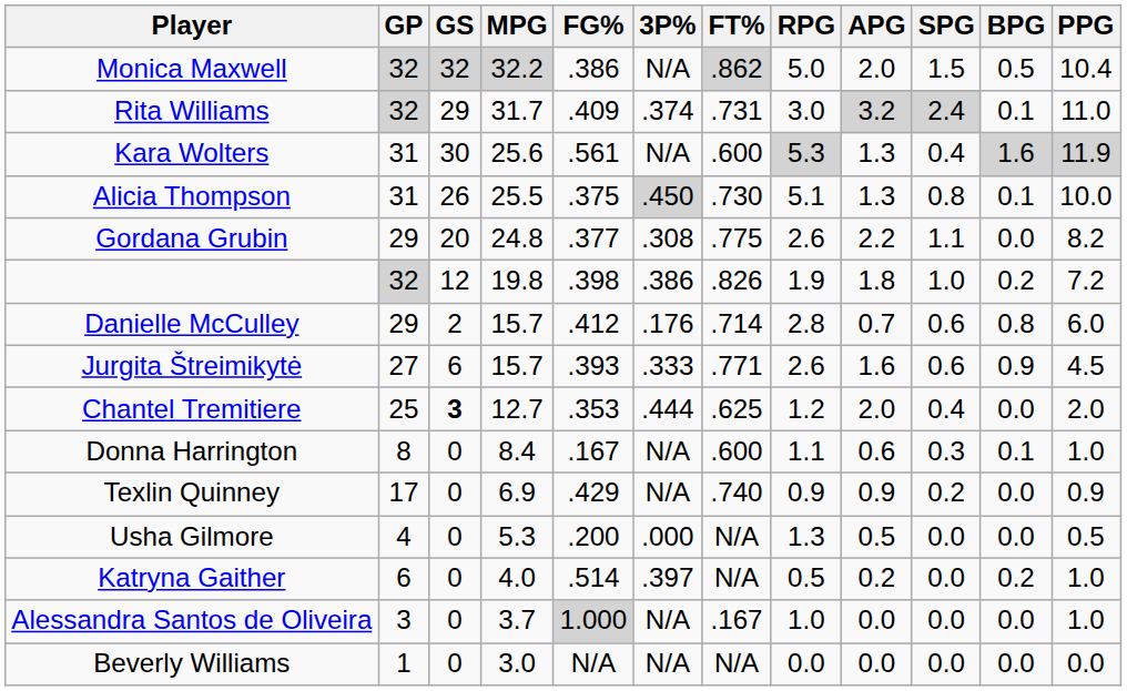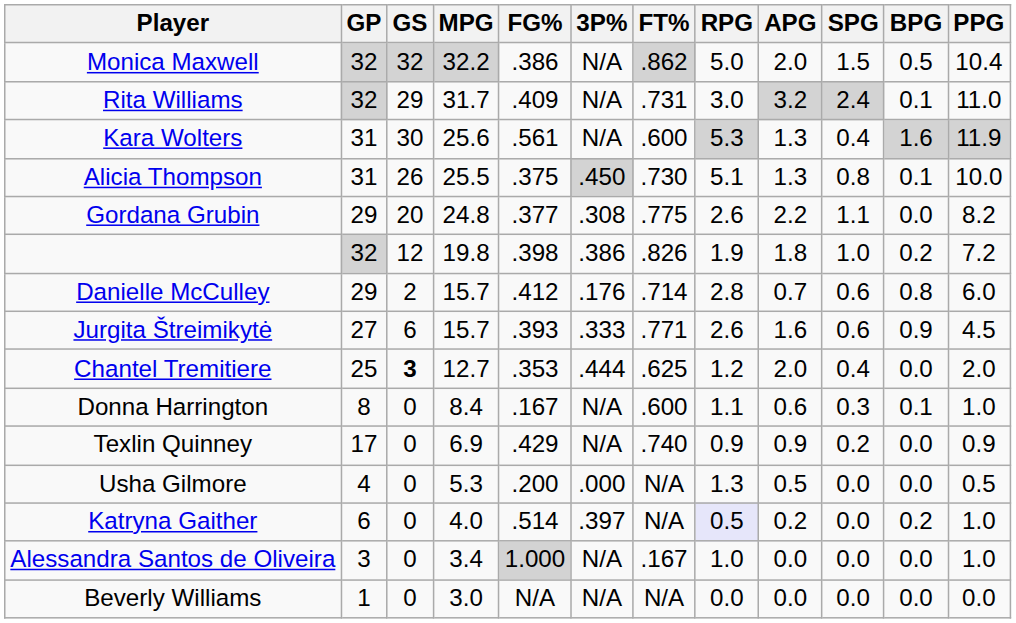 <table class="wikitable sortable" style="text-align:center;">
 <tr>
 <th>Player</th>
 <th>GP</th>
 <th>GS</th>
 <th>MPG</th>
 <th>FG%</th>
 <th>3P%</th>
 <th>FT%</th>
 <th>RPG</th>
 <th>APG</th>
 <th>SPG</th>
 <th>BPG</th>
 <th>PPG</th>
 </tr>
 <tr>
 <td><a href='#'>Monica Maxwell</a></td>
 <td style="background:#D3D3D3;">32</td>
 <td style="background:#D3D3D3;">32</td>
 <td style="background:#D3D3D3;">32.2</td>
 <td>.386</td>
 <td>N/A</td>
 <td style="background:#D3D3D3;">.862</td>
 <td>5.0</td>
 <td>2.0</td>
 <td>1.5</td>
 <td>0.5</td>
 <td>10.4</td>
 </tr>
 <tr>
 <td><a href='#'>Rita Williams</a></td>
 <td style="background:#D3D3D3;">32</td>
 <td>29</td>
 <td>31.7</td>
 <td>.409</td>
-<td>.374</td>
+<td>N/A</td>
 <td>.731</td>
 <td>3.0</td>
 <td style="background:#D3D3D3;">3.2</td>
 <td style="background:#D3D3D3;">2.4</td>
 <td>0.1</td>
 <td>11.0</td>
 </tr>
 <tr>
 <td><a href='#'>Kara Wolters</a></td>
 <td>31</td>
 <td>30</td>
 <td>25.6</td>
 <td>.561</td>
 <td>N/A</td>
 <td>.600</td>
 <td style="background:#D3D3D3;">5.3</td>
 <td>1.3</td>
 <td>0.4</td>
 <td style="background:#D3D3D3;">1.6</td>
 <td style="background:#D3D3D3;">11.9</td>
 </tr>
 <tr>
 <td><a href='#'>Alicia Thompson</a></td>
 <td>31</td>
 <td>26</td>
 <td>25.5</td>
 <td>.375</td>
 <td style="background:#D3D3D3;">.450</td>
 <td>.730</td>
 <td>5.1</td>
 <td>1.3</td>
 <td>0.8</td>
 <td>0.1</td>
 <td>10.0</td>
 </tr>
 <tr>
 <td><a href='#'>Gordana Grubin</a></td>
 <td>29</td>
 <td>20</td>
 <td>24.8</td>
 <td>.377</td>
 <td>.308</td>
 <td>.775</td>
 <td>2.6</td>
 <td>2.2</td>
 <td>1.1</td>
 <td>0.0</td>
 <td>8.2</td>
 </tr>
 <tr>
 <td></td>
 <td style="background:#D3D3D3;">32</td>
 <td>12</td>
 <td>19.8</td>
 <td>.398</td>
 <td>.386</td>
 <td>.826</td>
 <td>1.9</td>
 <td>1.8</td>
 <td>1.0</td>
 <td>0.2</td>
 <td>7.2</td>
 </tr>
 <tr>
 <td><a href='#'>Danielle McCulley</a></td>
 <td>29</td>
 <td>2</td>
 <td>15.7</td>
 <td>.412</td>
 <td>.176</td>
 <td>.714</td>
 <td>2.8</td>
 <td>0.7</td>
 <td>0.6</td>
 <td>0.8</td>
 <td>6.0</td>
 </tr>
 <tr>
 <td><a href='#'>Jurgita Štreimikytė</a></td>
 <td>27</td>
 <td>6</td>
 <td>15.7</td>
 <td>.393</td>
 <td>.333</td>
 <td>.771</td>
 <td>2.6</td>
 <td>1.6</td>
 <td>0.6</td>
 <td>0.9</td>
 <td>4.5</td>
 </tr>
 <tr>
 <td><a href='#'>Chantel Tremitiere</a></td>
 <td>25</td>
 <td><strong>3</strong></td>
 <td>12.7</td>
 <td>.353</td>
 <td>.444</td>
 <td>.625</td>
 <td>1.2</td>
 <td>2.0</td>
 <td>0.4</td>
 <td>0.0</td>
 <td>2.0</td>
 </tr>
 <tr>
 <td>Donna Harrington</td>
 <td>8</td>
 <td>0</td>
 <td>8.4</td>
 <td>.167</td>
 <td>N/A</td>
 <td>.600</td>
 <td>1.1</td>
 <td>0.6</td>
 <td>0.3</td>
 <td>0.1</td>
 <td>1.0</td>
 </tr>
 <tr>
 <td>Texlin Quinney</td>
 <td>17</td>
 <td>0</td>
 <td>6.9</td>
 <td>.429</td>
 <td>N/A</td>
 <td>.740</td>
 <td>0.9</td>
 <td>0.9</td>
 <td>0.2</td>
 <td>0.0</td>
 <td>0.9</td>
 </tr>
 <tr>
 <td>Usha Gilmore</td>
 <td>4</td>
 <td>0</td>
 <td>5.3</td>
 <td>.200</td>
 <td>.000</td>
 <td>N/A</td>
 <td>1.3</td>
 <td>0.5</td>
 <td>0.0</td>
 <td>0.0</td>
 <td>0.5</td>
 </tr>
 <tr>
 <td><a href='#'>Katryna Gaither</a></td>
 <td>6</td>
 <td>0</td>
 <td>4.0</td>
 <td>.514</td>
 <td>.397</td>
 <td>N/A</td>
-<td>0.5</td>
+<td style="background: lavender;">0.5</td>
 <td>0.2</td>
 <td>0.0</td>
 <td>0.2</td>
 <td>1.0</td>
 </tr>
 <tr>
 <td><a href='#'>Alessandra Santos de Oliveira</a></td>
 <td>3</td>
 <td>0</td>
-<td>3.7</td>
+<td>3.4</td>
 <td style="background:#D3D3D3;">1.000</td>
 <td>N/A</td>
 <td>.167</td>
 <td>1.0</td>
 <td>0.0</td>
 <td>0.0</td>
 <td>0.0</td>
 <td>1.0</td>
 </tr>
 <tr>
 <td>Beverly Williams</td>
 <td>1</td>
 <td>0</td>
 <td>3.0</td>
 <td>N/A</td>
 <td>N/A</td>
 <td>N/A</td>
 <td>0.0</td>
 <td>0.0</td>
 <td>0.0</td>
 <td>0.0</td>
 <td>0.0</td>
 </tr>
 </table>
